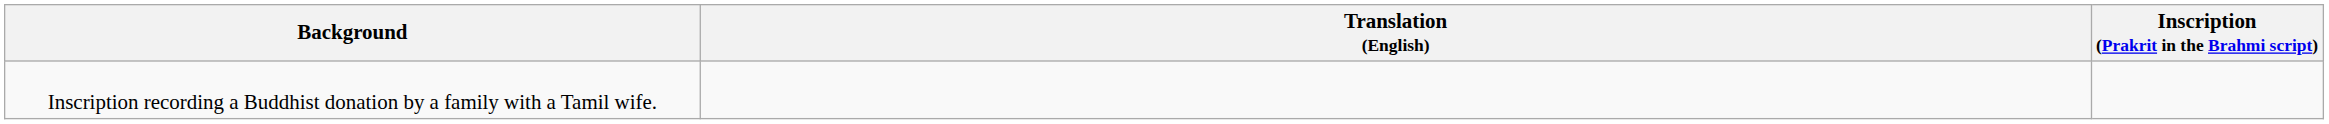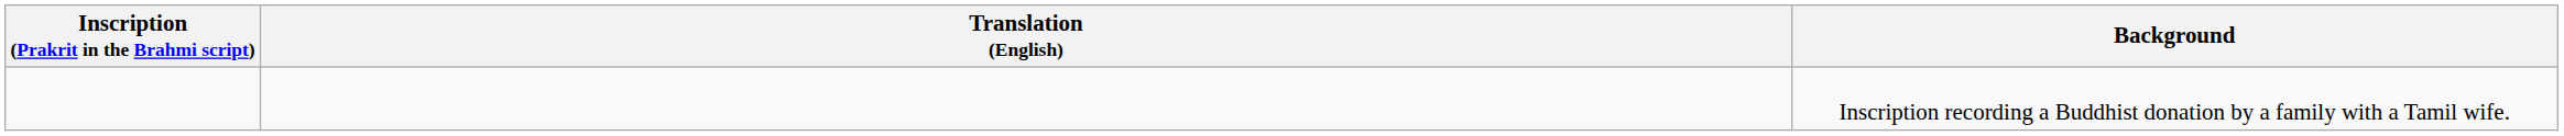 <table class="wikitable centre">
 <tr>
+<th>Inscription<br><small>(<a href='#'>Prakrit</a> in the <a href='#'>Brahmi script</a>)</small></th>
+<th>Translation<br><small>(English)</small></th>
 <th scope="col" align=left>Background<br></th>
-<th>Translation<br><small>(English)</small></th>
-<th>Inscription<br><small>(<a href='#'>Prakrit</a> in the <a href='#'>Brahmi script</a>)</small></th>
 </tr>
 <tr>
+<td align=center width="10%"></td>
+<td align=left><br></td>
 <td align=center width="30%"><br>Inscription recording a Buddhist donation by a family with a Tamil wife.</td>
-<td align=left><br></td>
-<td align=center width="10%"></td>
 </tr>
 </table>
